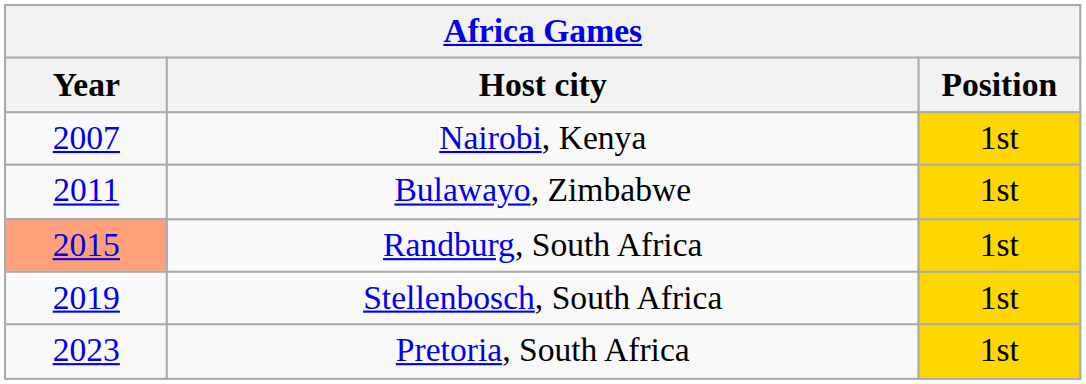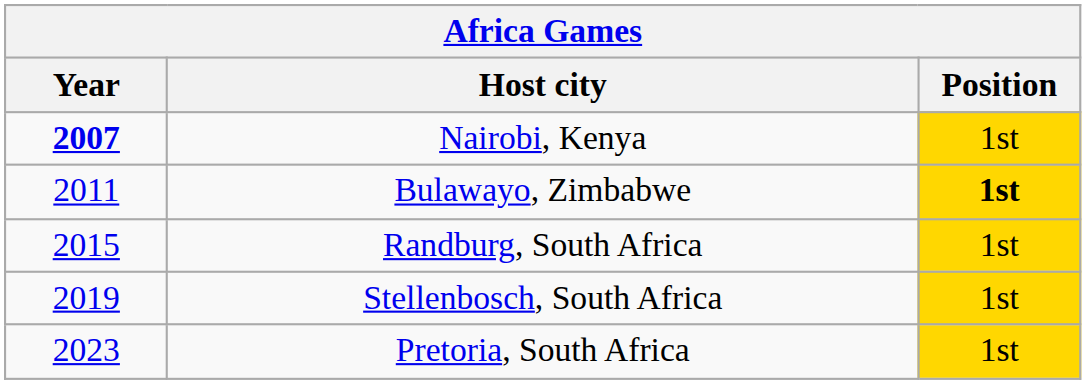 <table class="wikitable" style="text-align: center;">
 <tr>
 <th colspan=3 style="background-color: ;"><a href='#'>Africa Games</a></th>
 </tr>
 <tr>
 <th style="width: 70px;">Year</th>
 <th style="width: 350px;">Host city</th>
 <th style="width: 70px;">Position</th>
 </tr>
 <tr>
-<td><a href='#'>2007</a></td>
+<td><strong><a href='#'>2007</a></strong></td>
 <td>  <a href='#'>Nairobi</a>, Kenya</td>
 <td style="background-color: gold">1st</td>
 </tr>
 <tr>
 <td><a href='#'>2011</a></td>
 <td> <a href='#'>Bulawayo</a>, Zimbabwe</td>
-<td style="background-color: gold">1st</td>
+<td style="background-color: gold"><strong>1st</strong></td>
 </tr>
 <tr>
-<td style="background: lightsalmon;"><a href='#'>2015</a></td>
+<td><a href='#'>2015</a></td>
 <td> <a href='#'>Randburg</a>, South Africa</td>
 <td style="background-color: gold">1st</td>
 </tr>
 <tr>
 <td><a href='#'>2019</a></td>
 <td> <a href='#'>Stellenbosch</a>, South Africa</td>
 <td style="background-color: gold">1st</td>
 </tr>
 <tr>
 <td><a href='#'>2023</a></td>
 <td> <a href='#'>Pretoria</a>, South Africa</td>
 <td style="background-color: gold">1st</td>
 </tr>
 </table>
